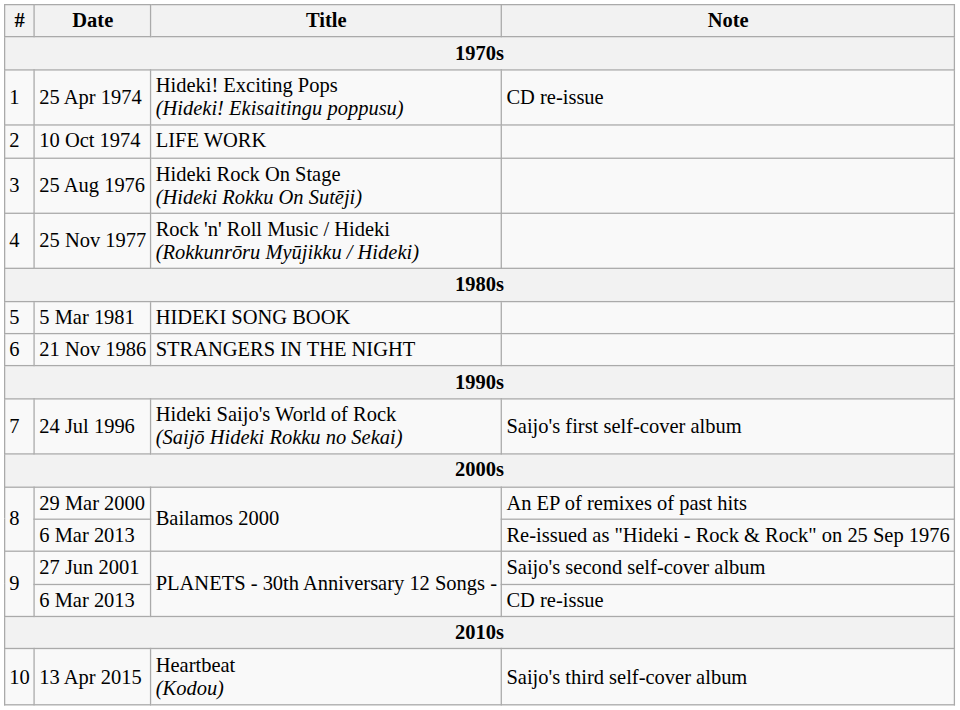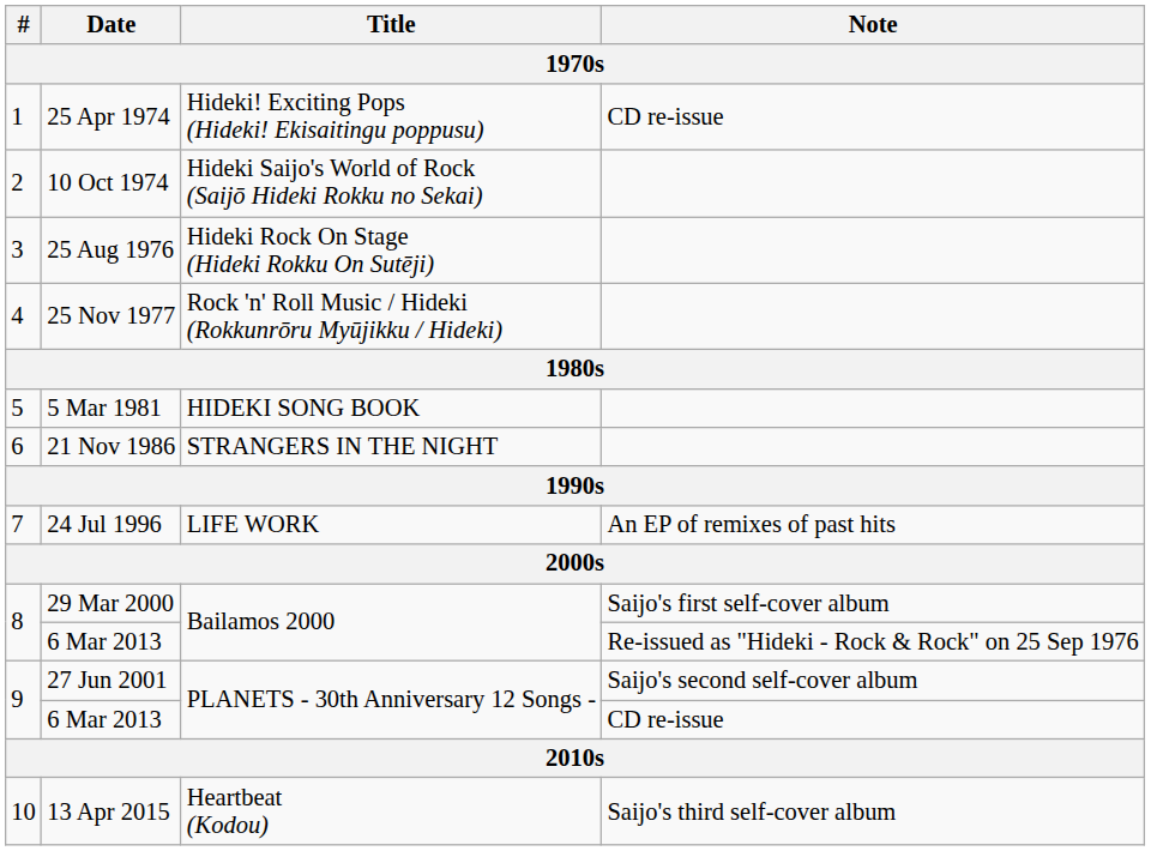 <table class="wikitable">
 <tr>
 <th>#</th>
 <th>Date</th>
 <th>Title</th>
 <th>Note</th>
 </tr>
 <tr>
 <th colspan="4">1970s</th>
 </tr>
 <tr>
 <td>1</td>
 <td>25 Apr 1974</td>
 <td>Hideki! Exciting Pops<br><em>(Hideki! Ekisaitingu poppusu)</em></td>
 <td>CD re-issue</td>
 </tr>
 <tr>
 <td>2</td>
 <td>10 Oct 1974</td>
-<td>LIFE WORK</td>
+<td>Hideki Saijo's World of Rock<br><em>(Saijō Hideki Rokku no Sekai)</em></td>
 <td></td>
 </tr>
 <tr>
 <td>3</td>
 <td>25 Aug 1976</td>
 <td>Hideki Rock On Stage<br><em>(Hideki Rokku On Sutēji)</em></td>
 <td></td>
 </tr>
 <tr>
 <td>4</td>
 <td>25 Nov 1977</td>
 <td>Rock 'n' Roll Music / Hideki<br><em>(Rokkunrōru Myūjikku / Hideki)</em></td>
 <td></td>
 </tr>
 <tr>
 <th colspan="4">1980s</th>
 </tr>
 <tr>
 <td>5</td>
 <td>5 Mar 1981</td>
 <td>HIDEKI SONG BOOK</td>
 <td></td>
 </tr>
 <tr>
 <td>6</td>
 <td>21 Nov 1986</td>
 <td>STRANGERS IN THE NIGHT</td>
 <td></td>
 </tr>
 <tr>
 <th colspan="4">1990s</th>
 </tr>
 <tr>
 <td>7</td>
 <td>24 Jul 1996</td>
-<td>Hideki Saijo's World of Rock<br><em>(Saijō Hideki Rokku no Sekai)</em></td>
-<td>Saijo's first self-cover album</td>
+<td>LIFE WORK</td>
+<td>An EP of remixes of past hits</td>
 </tr>
 <tr>
 <th colspan="4">2000s</th>
 </tr>
 <tr>
 <td rowspan="2">8</td>
 <td>29 Mar 2000</td>
 <td rowspan="2">Bailamos 2000</td>
-<td>An EP of remixes of past hits</td>
+<td>Saijo's first self-cover album</td>
 </tr>
 <tr>
 <td>6 Mar 2013</td>
 <td>Re-issued as "Hideki - Rock & Rock" on 25 Sep 1976</td>
 </tr>
 <tr>
 <td rowspan="2">9</td>
 <td>27 Jun 2001</td>
 <td rowspan="2">PLANETS - 30th Anniversary 12 Songs -</td>
 <td>Saijo's second self-cover album</td>
 </tr>
 <tr>
 <td>6 Mar 2013</td>
 <td>CD re-issue</td>
 </tr>
 <tr>
 <th colspan="4">2010s</th>
 </tr>
 <tr>
 <td>10</td>
 <td>13 Apr 2015</td>
 <td>Heartbeat<br><em>(Kodou)</em></td>
 <td>Saijo's third self-cover album</td>
 </tr>
 </table>
